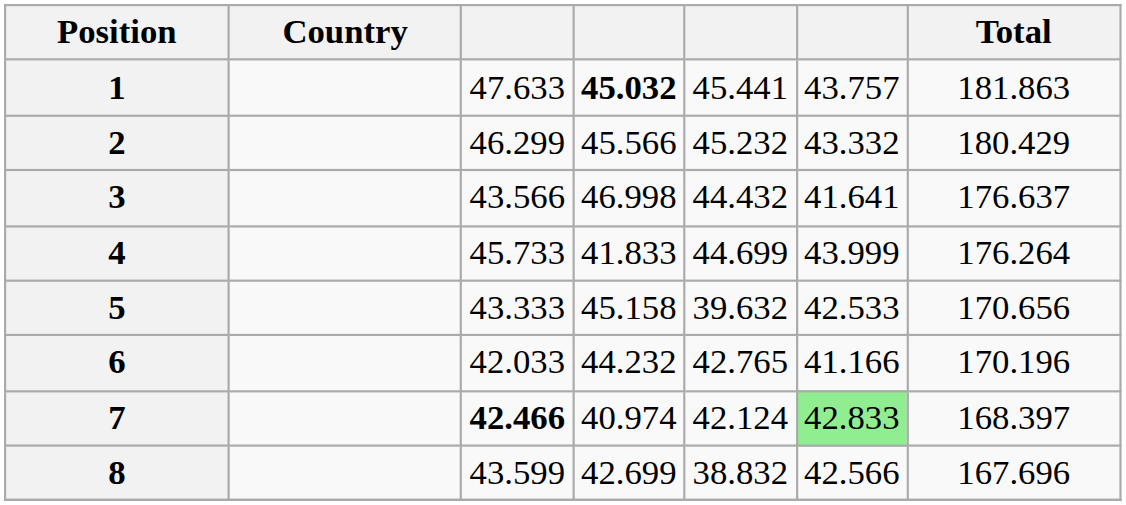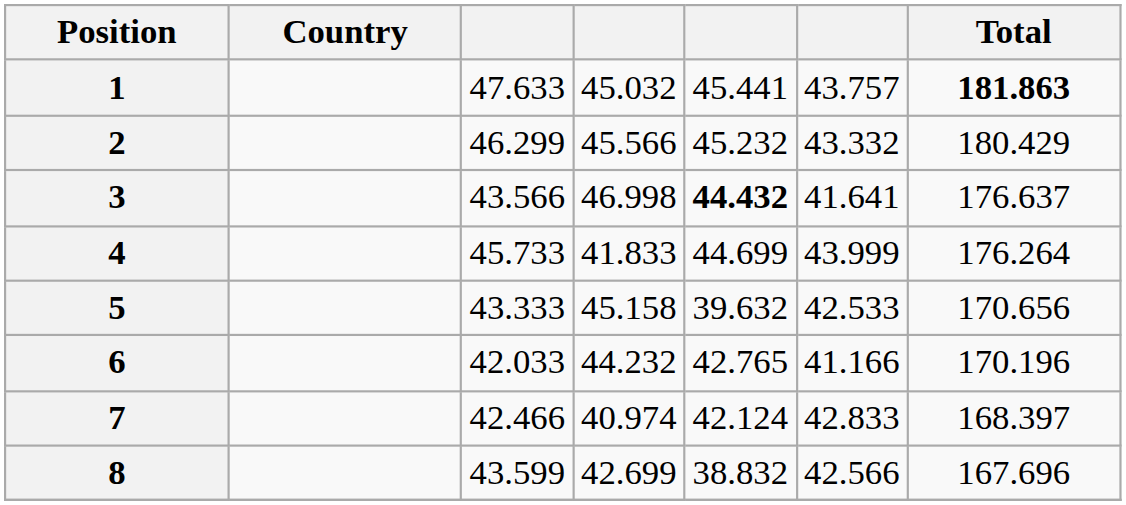 <table class="wikitable sortable" style="text-align:center; ">
 <tr>
 <th>Position</th>
 <th>Country</th>
 <th width="10%"></th>
 <th width="10%"></th>
 <th width="10%"></th>
 <th width="10%"></th>
 <th>Total</th>
 </tr>
 <tr>
 <th>1</th>
 <td align="left"></td>
 <td>47.633</td>
-<td><strong>45.032</strong></td>
+<td>45.032</td>
 <td>45.441</td>
 <td>43.757</td>
-<td>181.863</td>
+<td><strong>181.863</strong></td>
 </tr>
 <tr>
 <th>2</th>
 <td align="left"></td>
 <td>46.299</td>
 <td>45.566</td>
 <td>45.232</td>
 <td>43.332</td>
 <td>180.429</td>
 </tr>
 <tr>
 <th>3</th>
 <td align="left"></td>
 <td>43.566</td>
 <td>46.998</td>
-<td>44.432</td>
+<td><strong>44.432</strong></td>
 <td>41.641</td>
 <td>176.637</td>
 </tr>
 <tr>
 <th>4</th>
 <td align="left"></td>
 <td>45.733</td>
 <td>41.833</td>
 <td>44.699</td>
 <td>43.999</td>
 <td>176.264</td>
 </tr>
 <tr>
 <th>5</th>
 <td align="left"></td>
 <td>43.333</td>
 <td>45.158</td>
 <td>39.632</td>
 <td>42.533</td>
 <td>170.656</td>
 </tr>
 <tr>
 <th>6</th>
 <td align="left"></td>
 <td>42.033</td>
 <td>44.232</td>
 <td>42.765</td>
 <td>41.166</td>
 <td>170.196</td>
 </tr>
 <tr>
 <th>7</th>
 <td align="left"></td>
-<td><strong>42.466</strong></td>
+<td>42.466</td>
 <td>40.974</td>
 <td>42.124</td>
-<td style="background: lightgreen;">42.833</td>
+<td>42.833</td>
 <td>168.397</td>
 </tr>
 <tr>
 <th>8</th>
 <td align="left"></td>
 <td>43.599</td>
 <td>42.699</td>
 <td>38.832</td>
 <td>42.566</td>
 <td>167.696</td>
 </tr>
 <tr>
 </tr>
 </table>
